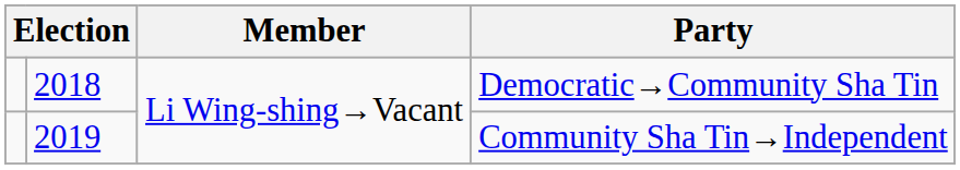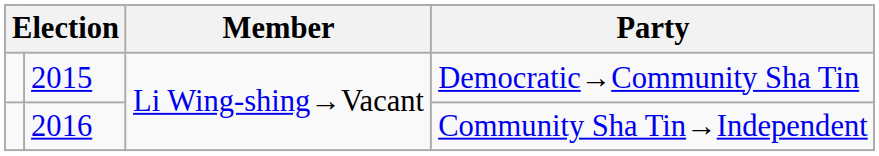 <table class="wikitable">
 <tr>
 <th colspan="2">Election</th>
 <th>Member</th>
 <th>Party</th>
 </tr>
 <tr>
 <td style="background-color: "></td>
-<td><a href='#'>2018</a></td>
+<td><a href='#'>2015</a></td>
 <td rowspan=2><a href='#'>Li Wing-shing</a>→Vacant</td>
 <td><a href='#'>Democratic</a>→<a href='#'>Community Sha Tin</a></td>
 </tr>
 <tr>
 <td style="background-color: "></td>
-<td><a href='#'>2019</a></td>
+<td><a href='#'>2016</a></td>
 <td><a href='#'>Community Sha Tin</a>→<a href='#'>Independent</a></td>
 </tr>
 </table>
